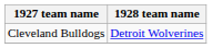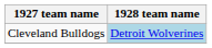 <table class="wikitable">
 <tr>
 <th>1927 team name</th>
 <th>1928 team name</th>
 </tr>
 <tr>
 <td>Cleveland Bulldogs</td>
-<td><a href='#'>Detroit Wolverines</a></td>
+<td style="background: lightblue;"><a href='#'>Detroit Wolverines</a></td>
 </tr>
 <tr>
 </tr>
 </table>
